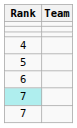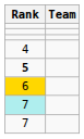 <table class="wikitable" style="text-align: center;">
 <tr>
 <th width=40>Rank</th>
 <th>Team</th>
 </tr>
 <tr align=center>
 <td></td>
 <td style="text-align:left;"></td>
 </tr>
 <tr align=center>
 <td></td>
 <td style="text-align:left;"></td>
 </tr>
 <tr align=center>
 <td></td>
 <td style="text-align:left;"></td>
 </tr>
 <tr align=center>
 <td>4</td>
 <td style="text-align:left;"></td>
 </tr>
 <tr align=center>
-<td>5</td>
+<td><strong>5</strong></td>
 <td style="text-align:left;"></td>
 </tr>
 <tr align=center>
-<td>6</td>
+<td style="background: gold;">6</td>
 <td style="text-align:left;"></td>
 </tr>
 <tr align=center>
 <td style="background: paleturquoise;">7</td>
 <td style="text-align:left;"></td>
 </tr>
 <tr align=center>
 <td>7</td>
 <td style="text-align:left;"></td>
 </tr>
 </table>
